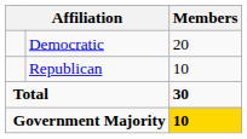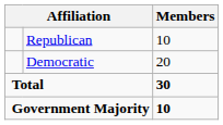 <table class="wikitable">
 <tr>
 <th colspan="2">Affiliation</th>
 <th>Members</th>
 </tr>
 <tr>
 <td style="background-color:"> </td>
-<td><a href='#'>Democratic</a></td>
-<td>20</td>
+<td><a href='#'>Republican</a></td>
+<td>10</td>
 </tr>
 <tr>
 <td style="background-color:"> </td>
-<td><a href='#'>Republican</a></td>
-<td>10</td>
+<td><a href='#'>Democratic</a></td>
+<td>20</td>
 </tr>
 <tr>
 <td colspan="2" rowspan="1"> <strong>Total</strong></td>
 <td><strong>30</strong></td>
 </tr>
 <tr>
 <td colspan="2" rowspan="1"> <strong>Government Majority</strong></td>
-<td style="background: gold;"><strong>10</strong></td>
+<td><strong>10</strong></td>
 </tr>
 </table>
